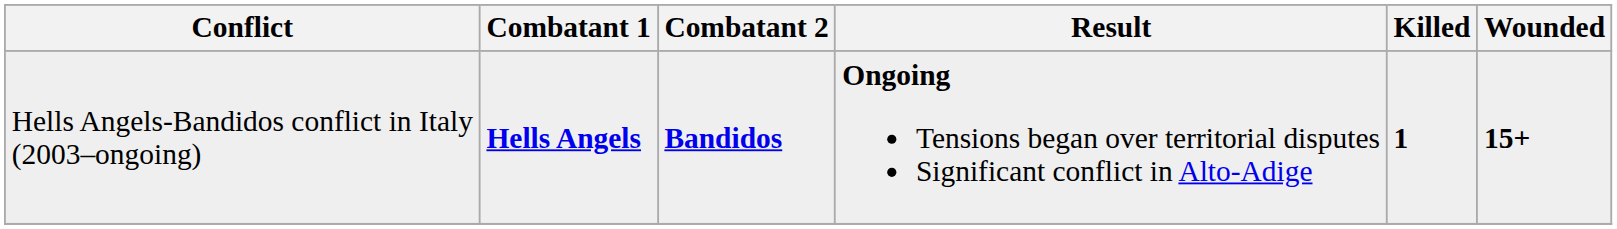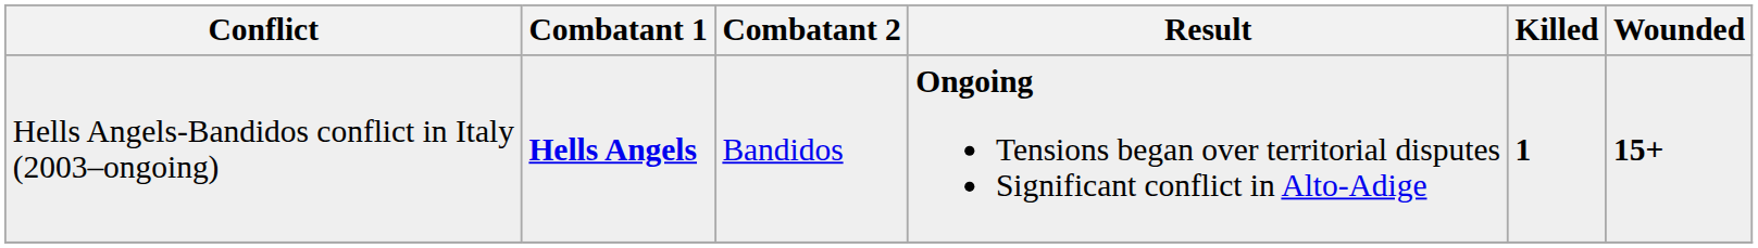 <table class="wikitable" style="background:#efefef;">
 <tr>
 <th>Conflict</th>
 <th>Combatant 1</th>
 <th>Combatant 2</th>
 <th>Result</th>
 <th>Killed</th>
 <th>Wounded</th>
 </tr>
 <tr>
 <td>Hells Angels-Bandidos conflict in Italy<br>(2003–ongoing)</td>
 <td><strong><a href='#'>Hells Angels</a></strong></td>
-<td><strong><a href='#'>Bandidos</a></strong></td>
+<td><a href='#'>Bandidos</a></td>
 <td><strong>Ongoing</strong><br><ul><li>Tensions began over territorial disputes</li><li>Significant conflict in <a href='#'>Alto-Adige</a></li></ul></td>
 <td><strong>1</strong></td>
 <td><strong>15+</strong></td>
 </tr>
 <tr>
 </tr>
 </table>
